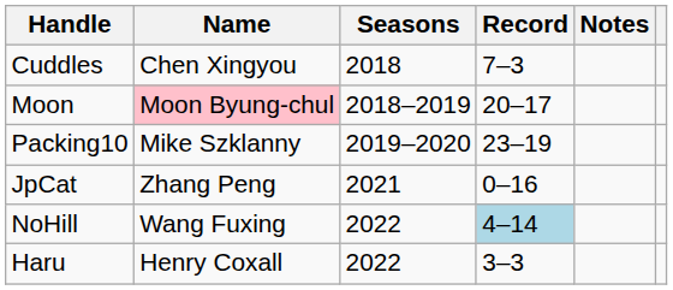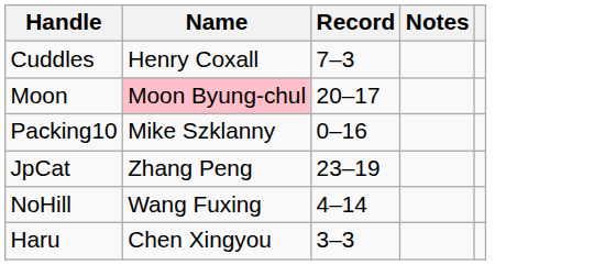 <table class="wikitable">
 <tr>
 <th style="background:#">Handle</th>
 <th style="background:#">Name</th>
-<th style="background:#">Seasons</th>
 <th style="background:#">Record</th>
 <th style="background:#">Notes</th>
 <th style="background:#"></th>
 </tr>
 <tr>
 <td>Cuddles</td>
-<td>Chen Xingyou</td>
-<td>2018</td>
+<td>Henry Coxall</td>
 <td>7–3 </td>
 <td></td>
 <td></td>
 </tr>
 <tr>
 <td>Moon</td>
 <td style="background: pink;">Moon Byung-chul</td>
-<td>2018–2019</td>
 <td>20–17 </td>
 <td></td>
 <td></td>
 </tr>
 <tr>
 <td>Packing10</td>
 <td>Mike Szklanny</td>
-<td>2019–2020</td>
-<td>23–19 </td>
+<td>0–16 </td>
 <td></td>
 <td></td>
 </tr>
 <tr>
 <td>JpCat</td>
 <td>Zhang Peng</td>
-<td>2021</td>
-<td>0–16 </td>
+<td>23–19 </td>
 <td></td>
 <td></td>
 </tr>
 <tr>
 <td>NoHill</td>
 <td>Wang Fuxing</td>
-<td>2022</td>
-<td style="background: lightblue;">4–14 </td>
+<td>4–14 </td>
 <td></td>
 <td></td>
 </tr>
 <tr>
 <td>Haru</td>
-<td>Henry Coxall</td>
-<td>2022</td>
+<td>Chen Xingyou</td>
 <td>3–3 </td>
 <td></td>
 <td></td>
 </tr>
 </table>
